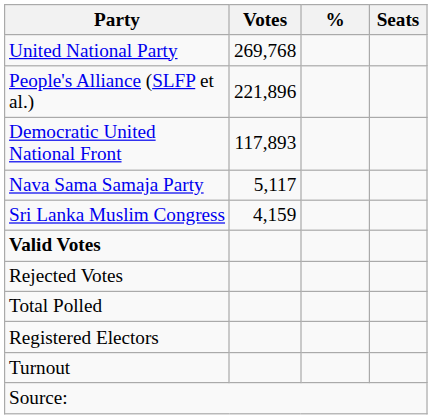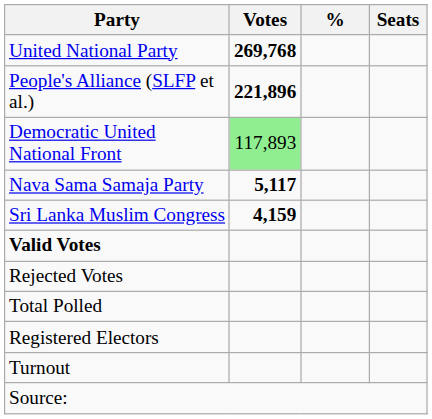 <table class="wikitable" border="1" style="text-align:right;">
 <tr>
 <th align=left width="180">Party</th>
 <th align=center width="50">Votes</th>
 <th align=center width="50">%</th>
 <th align=center width="40">Seats</th>
 </tr>
 <tr>
 <td align=left><a href='#'>United National Party</a></td>
-<td>269,768</td>
+<td><strong>269,768</strong></td>
 <td></td>
 <td></td>
 </tr>
 <tr>
 <td align=left><a href='#'>People's Alliance</a> (<a href='#'>SLFP</a> et al.)</td>
-<td>221,896</td>
+<td><strong>221,896</strong></td>
 <td></td>
 <td></td>
 </tr>
 <tr>
 <td align=left><a href='#'>Democratic United National Front</a></td>
-<td>117,893</td>
+<td style="background: lightgreen;">117,893</td>
 <td></td>
 <td></td>
 </tr>
 <tr>
 <td align=left><a href='#'>Nava Sama Samaja Party</a></td>
-<td>5,117</td>
+<td><strong>5,117</strong></td>
 <td></td>
 <td></td>
 </tr>
 <tr>
 <td align=left><a href='#'>Sri Lanka Muslim Congress</a></td>
-<td>4,159</td>
+<td><strong>4,159</strong></td>
 <td></td>
 <td></td>
 </tr>
 <tr>
 <td align=left><strong>Valid Votes</strong></td>
 <td></td>
 <td></td>
 <td></td>
 </tr>
 <tr>
 <td align=left>Rejected Votes</td>
 <td></td>
 <td></td>
 <td></td>
 </tr>
 <tr>
 <td align=left>Total Polled</td>
 <td></td>
 <td></td>
 <td></td>
 </tr>
 <tr>
 <td align=left>Registered Electors</td>
 <td></td>
 <td></td>
 <td></td>
 </tr>
 <tr>
 <td align=left>Turnout</td>
 <td></td>
 <td></td>
 <td></td>
 </tr>
 <tr>
 <td align=left colspan=4>Source:</td>
 </tr>
 </table>
